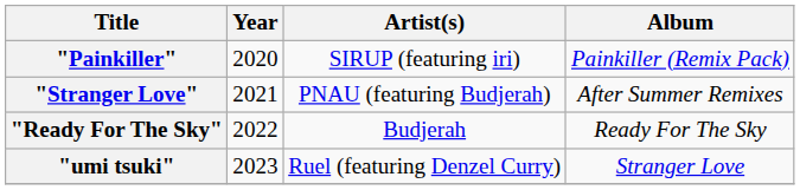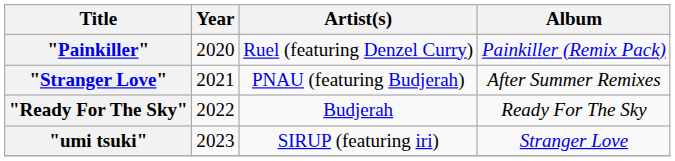 <table class="wikitable plainrowheaders" style="text-align:center;">
 <tr>
 <th>Title</th>
 <th>Year</th>
 <th>Artist(s)</th>
 <th>Album</th>
 </tr>
 <tr>
 <th scope="row">"<a href='#'>Painkiller</a>"<br></th>
 <td>2020</td>
-<td><a href='#'>SIRUP</a> (featuring <a href='#'>iri</a>)</td>
+<td><a href='#'>Ruel</a> (featuring <a href='#'>Denzel Curry</a>)</td>
 <td><em><a href='#'>Painkiller (Remix Pack)</a></em></td>
 </tr>
 <tr>
 <th scope="row">"<a href='#'>Stranger Love</a>"<br> </th>
 <td>2021</td>
 <td><a href='#'>PNAU</a> (featuring <a href='#'>Budjerah</a>)</td>
 <td><em>After Summer Remixes</em></td>
 </tr>
 <tr>
 <th scope="row">"Ready For The Sky"<br> </th>
 <td>2022</td>
 <td><a href='#'>Budjerah</a></td>
 <td><em>Ready For The Sky</em></td>
 </tr>
 <tr>
 <th scope="row">"umi tsuki"<br> </th>
 <td>2023</td>
-<td><a href='#'>Ruel</a> (featuring <a href='#'>Denzel Curry</a>)</td>
+<td><a href='#'>SIRUP</a> (featuring <a href='#'>iri</a>)</td>
 <td><em><a href='#'>Stranger Love</a></em></td>
 </tr>
 <tr>
 </tr>
 </table>
